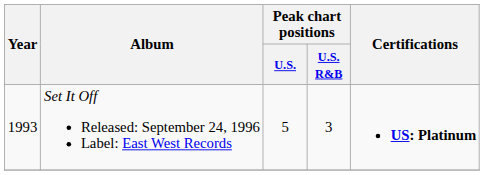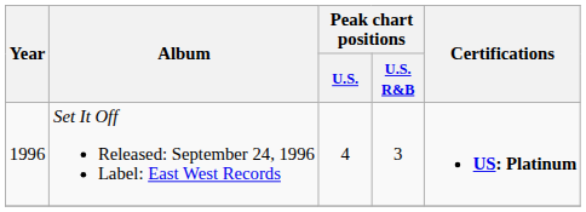 <table class="wikitable">
 <tr>
 <th rowspan="2">Year</th>
 <th rowspan="2">Album</th>
 <th colspan="2">Peak chart positions</th>
 <th rowspan="2">Certifications</th>
 </tr>
 <tr>
 <th width=40><small><a href='#'>U.S.</a></small></th>
 <th width=40><small><a href='#'>U.S. R&B</a></small></th>
 </tr>
 <tr>
-<td>1993</td>
+<td>1996</td>
 <td><em>Set It Off</em><br><ul><li>Released: September 24, 1996</li><li>Label: <a href='#'>East West Records</a></li></ul></td>
-<td align="center">5</td>
+<td align="center">4</td>
 <td align="center">3</td>
 <td><strong><br><ul><li><a href='#'>US</a>: Platinum</li></ul></strong></td>
 </tr>
 <tr>
 </tr>
 </table>
